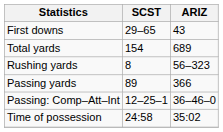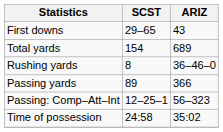 <table class="wikitable" style="float: left;">
 <tr>
 <th>Statistics</th>
 <th>SCST</th>
 <th>ARIZ</th>
 </tr>
 <tr>
 <td>First downs</td>
 <td>29–65</td>
 <td>43</td>
 </tr>
 <tr>
 <td>Total yards</td>
 <td>154</td>
 <td>689</td>
 </tr>
 <tr>
 <td>Rushing yards</td>
 <td>8</td>
-<td>56–323</td>
+<td>36–46–0</td>
 </tr>
 <tr>
 <td>Passing yards</td>
 <td>89</td>
 <td>366</td>
 </tr>
 <tr>
 <td>Passing: Comp–Att–Int</td>
 <td>12–25–1</td>
-<td>36–46–0</td>
+<td>56–323</td>
 </tr>
 <tr>
 <td>Time of possession</td>
 <td>24:58</td>
 <td>35:02</td>
 </tr>
 <tr>
 </tr>
 </table>
